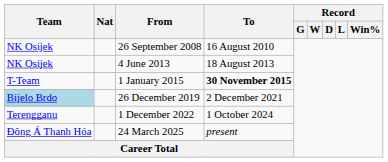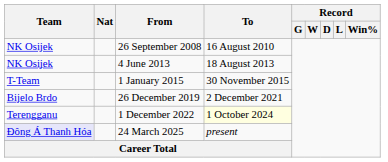 <table class="wikitable" style="text-align: center">
 <tr>
 <th rowspan=2>Team</th>
 <th rowspan=2>Nat</th>
 <th rowspan=2>From</th>
 <th rowspan=2>To</th>
 <th colspan=5>Record</th>
 </tr>
 <tr>
 <th>G</th>
 <th>W</th>
 <th>D</th>
 <th>L</th>
 <th>Win%</th>
 </tr>
 <tr>
 <td align="left"><a href='#'>NK Osijek</a></td>
 <td></td>
 <td align="left">26 September 2008</td>
 <td align="left">16 August 2010<br></td>
 </tr>
 <tr>
 <td align="left"><a href='#'>NK Osijek</a></td>
 <td></td>
 <td align="left">4 June 2013</td>
 <td align="left">18 August 2013<br></td>
 </tr>
 <tr>
 <td align="left"><a href='#'>T-Team</a></td>
 <td></td>
 <td align="left">1 January 2015</td>
-<td align="left"><strong>30 November 2015<br></strong></td>
+<td align="left">30 November 2015<br></td>
 </tr>
 <tr>
-<td align="left" style="background: lightblue;"><a href='#'>Bijelo Brdo</a></td>
+<td align="left"><a href='#'>Bijelo Brdo</a></td>
 <td></td>
 <td align="left">26 December 2019</td>
 <td align="left">2 December 2021<br></td>
 </tr>
 <tr>
 <td align="left"><a href='#'>Terengganu</a></td>
 <td></td>
 <td align="left">1 December 2022</td>
-<td align="left">1 October 2024<br></td>
+<td align="left" style="background: lightyellow;">1 October 2024<br></td>
 </tr>
 <tr>
-<td align="left"><a href='#'>Đông Á Thanh Hóa</a></td>
+<td align="left" style="background: lavender;"><a href='#'>Đông Á Thanh Hóa</a></td>
 <td></td>
 <td align="left">24 March 2025</td>
 <td align="left"><em>present</em><br></td>
 </tr>
 <tr>
 <th colspan="4">Career Total<br></th>
 </tr>
 </table>
